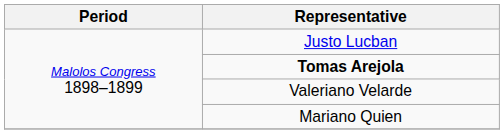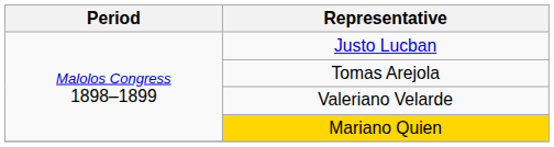 <table class="wikitable" style="text-align:center; width:40%;">
 <tr>
 <th width=40%>Period</th>
 <th>Representative</th>
 </tr>
 <tr>
 <td rowspan=4><small><em><a href='#'>Malolos Congress</a></em></small><br>1898–1899</td>
 <td><a href='#'>Justo Lucban</a></td>
 </tr>
 <tr>
-<td><strong>Tomas Arejola</strong></td>
+<td>Tomas Arejola</td>
 </tr>
 <tr>
 <td>Valeriano Velarde</td>
 </tr>
 <tr>
-<td>Mariano Quien</td>
+<td style="background: gold;">Mariano Quien</td>
 </tr>
 <tr>
 </tr>
 </table>
